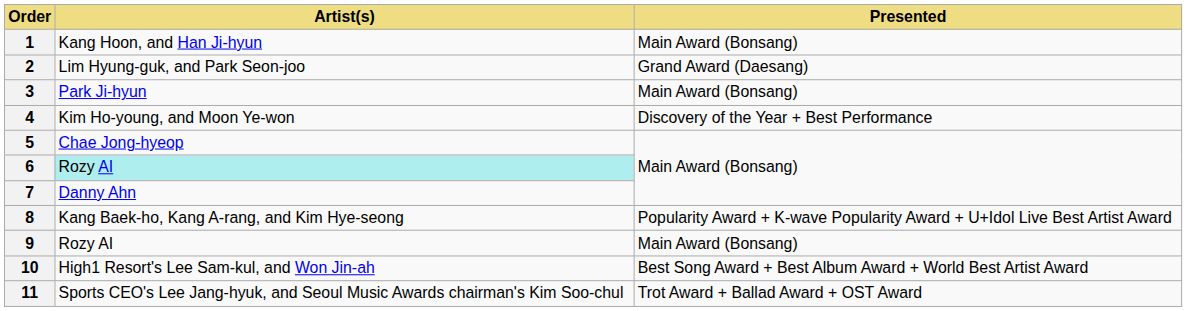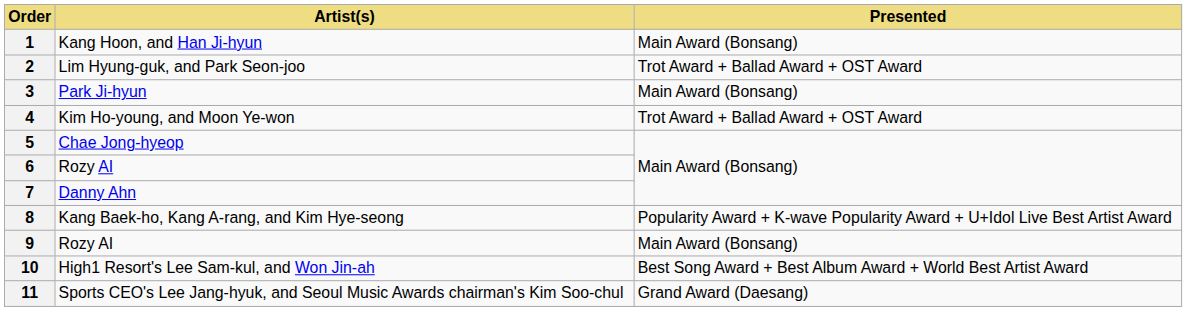 <table class="wikitable plainrowheaders" style="width:60%">
 <tr>
 <th scope="col" style="background:#EEDD82; width:2%">Order</th>
 <th scope="col" style="background:#EEDD82">Artist(s)</th>
 <th scope="col" style="background:#EEDD82">Presented</th>
 </tr>
 <tr>
 <th scope="row">1</th>
 <td>Kang Hoon, and <a href='#'>Han Ji-hyun</a></td>
 <td>Main Award (Bonsang)</td>
 </tr>
 <tr>
 <th scope="row">2</th>
 <td>Lim Hyung-guk, and Park Seon-joo</td>
-<td>Grand Award (Daesang)</td>
+<td>Trot Award + Ballad Award + OST Award</td>
 </tr>
 <tr>
 <th scope="row">3</th>
 <td><a href='#'>Park Ji-hyun</a></td>
 <td>Main Award (Bonsang)</td>
 </tr>
 <tr>
 <th scope="row">4</th>
 <td>Kim Ho-young, and Moon Ye-won</td>
-<td>Discovery of the Year + Best Performance</td>
+<td>Trot Award + Ballad Award + OST Award</td>
 </tr>
 <tr>
 <th scope="row">5</th>
 <td><a href='#'>Chae Jong-hyeop</a></td>
 <td rowspan="3">Main Award (Bonsang)</td>
 </tr>
 <tr>
 <th scope="row">6</th>
-<td style="background: paleturquoise;">Rozy <a href='#'>AI</a></td>
+<td>Rozy <a href='#'>AI</a></td>
 </tr>
 <tr>
 <th scope="row">7</th>
 <td><a href='#'>Danny Ahn</a></td>
 </tr>
 <tr>
 <th scope="row">8</th>
 <td>Kang Baek-ho, Kang A-rang, and Kim Hye-seong</td>
 <td>Popularity Award + K-wave Popularity Award + U+Idol Live Best Artist Award</td>
 </tr>
 <tr>
 <th scope="row">9</th>
 <td>Rozy AI</td>
 <td>Main Award (Bonsang)</td>
 </tr>
 <tr>
 <th scope="row">10</th>
 <td>High1 Resort's Lee Sam-kul, and <a href='#'>Won Jin-ah</a></td>
 <td>Best Song Award + Best Album Award + World Best Artist Award</td>
 </tr>
 <tr>
 <th scope="row">11</th>
 <td>Sports CEO's Lee Jang-hyuk, and Seoul Music Awards chairman's Kim Soo-chul</td>
-<td>Trot Award + Ballad Award + OST Award</td>
+<td>Grand Award (Daesang)</td>
 </tr>
 </table>
